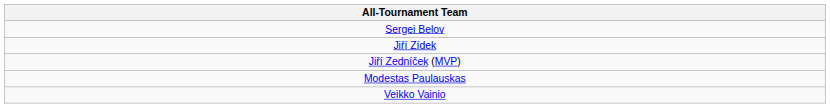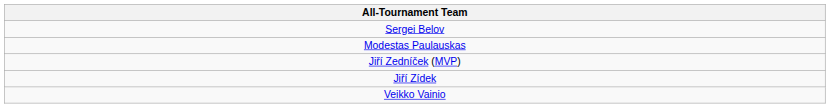 <table class="wikitable sortable" style="text-align:center; width: 100%">
 <tr>
 <th>All-Tournament Team</th>
 </tr>
 <tr>
 <td> <a href='#'>Sergei Belov</a></td>
 </tr>
 <tr>
-<td> <a href='#'>Jiří Zídek</a></td>
+<td> <a href='#'>Modestas Paulauskas</a></td>
 </tr>
 <tr>
 <td> <a href='#'>Jiří Zedníček</a> (<a href='#'>MVP</a>)</td>
 </tr>
 <tr>
-<td> <a href='#'>Modestas Paulauskas</a></td>
+<td> <a href='#'>Jiří Zídek</a></td>
 </tr>
 <tr>
 <td> <a href='#'>Veikko Vainio</a></td>
 </tr>
 </table>
